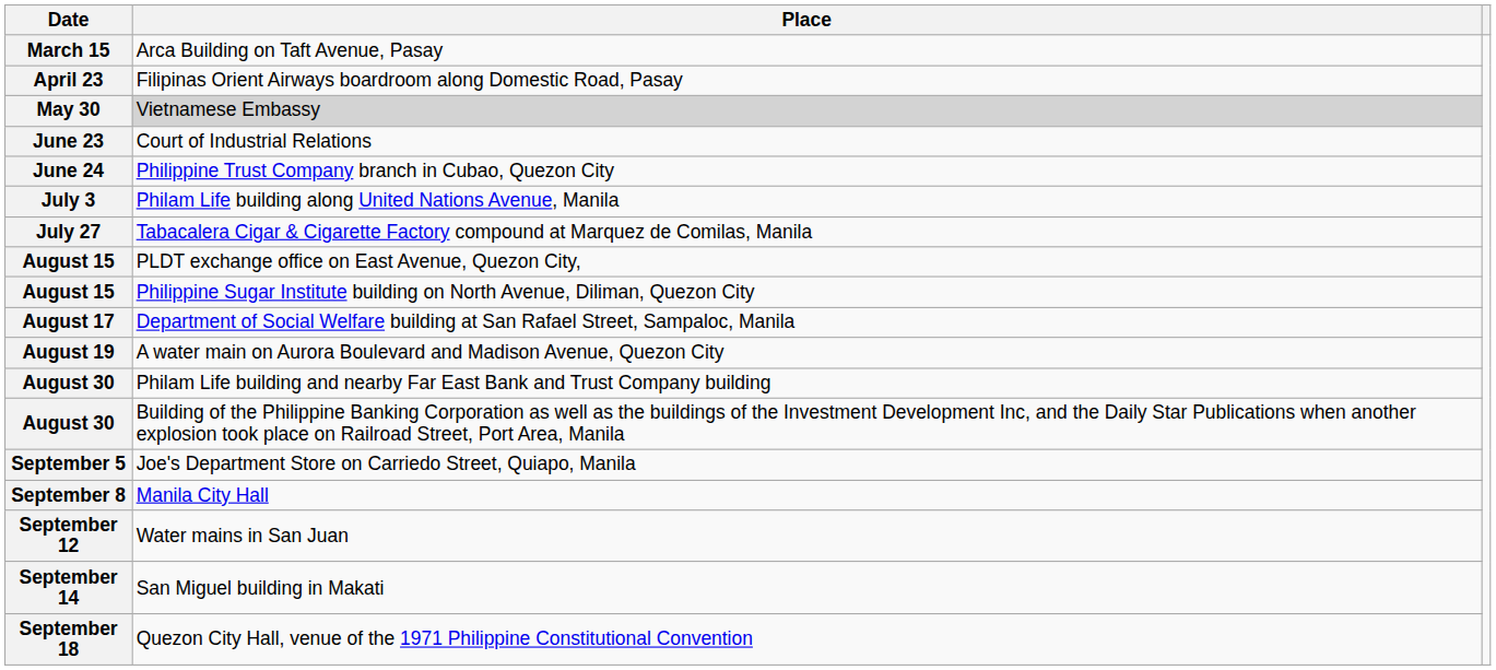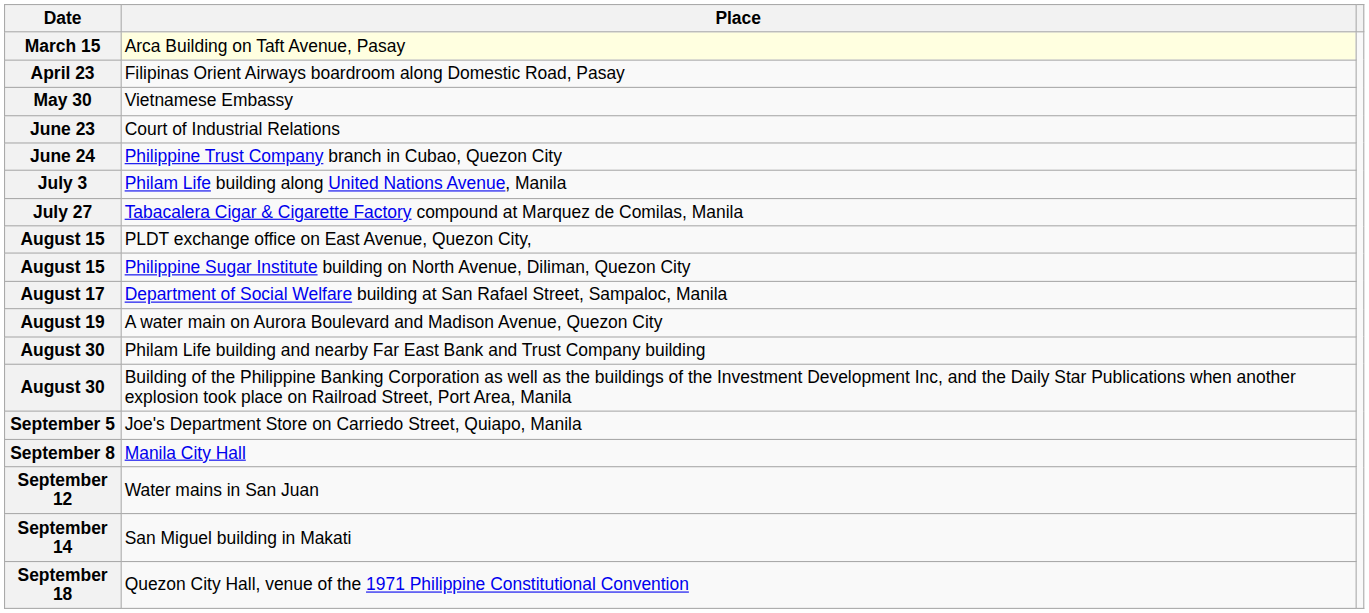 <table class="wikitable">
 <tr>
 <th scope="col">Date</th>
 <th scope="col">Place</th>
 <th></th>
 </tr>
 <tr>
 <th scope="row">March 15</th>
-<td>Arca Building on Taft Avenue, Pasay</td>
+<td style="background: lightyellow;">Arca Building on Taft Avenue, Pasay</td>
 </tr>
 <tr>
 <th scope="row">April 23</th>
 <td>Filipinas Orient Airways boardroom along Domestic Road, Pasay</td>
 </tr>
 <tr>
 <th scope="row">May 30</th>
-<td style="background: lightgrey;">Vietnamese Embassy</td>
+<td>Vietnamese Embassy</td>
 </tr>
 <tr>
 <th scope="row">June 23</th>
 <td>Court of Industrial Relations</td>
 </tr>
 <tr>
 <th scope="row">June 24</th>
 <td><a href='#'>Philippine Trust Company</a> branch in Cubao, Quezon City</td>
 </tr>
 <tr>
 <th scope="row">July 3</th>
 <td><a href='#'>Philam Life</a> building along <a href='#'>United Nations Avenue</a>, Manila</td>
 </tr>
 <tr>
 <th scope="row">July 27</th>
 <td><a href='#'>Tabacalera Cigar & Cigarette Factory</a> compound at Marquez de Comilas, Manila</td>
 </tr>
 <tr>
 <th scope="row">August 15</th>
 <td>PLDT exchange office on East Avenue, Quezon City,</td>
 </tr>
 <tr>
 <th scope="row">August 15</th>
 <td><a href='#'>Philippine Sugar Institute</a> building on North Avenue, Diliman, Quezon City</td>
 </tr>
 <tr>
 <th scope="row">August 17</th>
 <td><a href='#'>Department of Social Welfare</a> building at San Rafael Street, Sampaloc, Manila</td>
 </tr>
 <tr>
 <th scope="row">August 19</th>
 <td>A water main on Aurora Boulevard and Madison Avenue, Quezon City</td>
 </tr>
 <tr>
 <th scope="row">August 30</th>
 <td>Philam Life building and nearby Far East Bank and Trust Company building</td>
 </tr>
 <tr>
 <th scope="row">August 30</th>
 <td>Building of the Philippine Banking Corporation as well as the buildings of the Investment Development Inc, and the Daily Star Publications when another explosion took place on Railroad Street, Port Area, Manila</td>
 </tr>
 <tr>
 <th scope="row">September 5</th>
 <td>Joe's Department Store on Carriedo Street, Quiapo, Manila</td>
 </tr>
 <tr>
 <th scope="row">September 8</th>
 <td><a href='#'>Manila City Hall</a></td>
 </tr>
 <tr>
 <th scope="row">September 12</th>
 <td>Water mains in San Juan</td>
 </tr>
 <tr>
 <th scope="row">September 14</th>
 <td>San Miguel building in Makati</td>
 </tr>
 <tr>
 <th scope="row">September 18</th>
 <td>Quezon City Hall, venue of the <a href='#'>1971 Philippine Constitutional Convention</a></td>
 </tr>
 </table>
